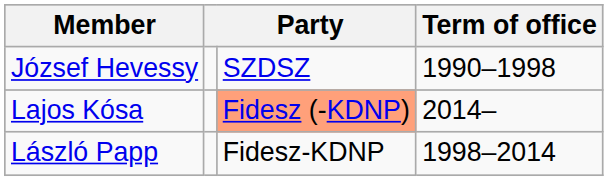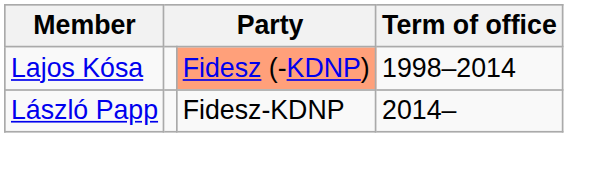 <table class=wikitable>
 <tr>
 <th>Member</th>
 <th colspan=2>Party</th>
 <th>Term of office</th>
 </tr>
 <tr>
-<td><a href='#'>József Hevessy</a></td>
-<td style="background-color:"></td>
-<td><a href='#'>SZDSZ</a></td>
-<td>1990–1998</td>
-</tr>
-<tr>
 <td><a href='#'>Lajos Kósa</a></td>
 <td style="background-color:"></td>
 <td style="background: lightsalmon;"><a href='#'>Fidesz</a> (-<a href='#'>KDNP</a>)</td>
-<td>2014–</td>
+<td>1998–2014</td>
 </tr>
 <tr>
 <td><a href='#'>László Papp</a></td>
 <td style="background-color:"></td>
 <td>Fidesz-KDNP</td>
-<td>1998–2014</td>
+<td>2014–</td>
 </tr>
 </table>
